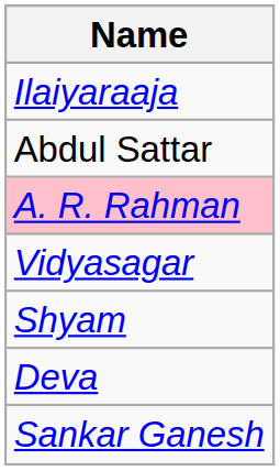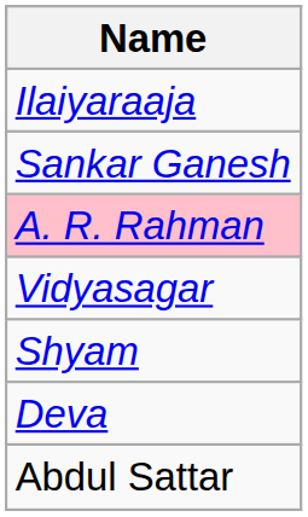 <table class="wikitable" style="font-size: 95%;">
 <tr bgcolor="LightSteelBlue" align="center">
 <th>Name</th>
 </tr>
 <tr>
 <td rowspan="1"><em><a href='#'>Ilaiyaraaja</a></em></td>
 </tr>
 <tr>
-<td>Abdul Sattar</td>
+<td rowspan="1"><em><a href='#'>Sankar Ganesh</a></em></td>
 </tr>
 <tr>
 <td rowspan="1" style="background: pink;"><em><a href='#'>A. R. Rahman</a></em></td>
 </tr>
 <tr>
 <td rowspan="1"><em><a href='#'>Vidyasagar</a></em></td>
 </tr>
 <tr>
 <td rowspan="1"><em><a href='#'>Shyam</a></em></td>
 </tr>
 <tr>
 <td rowspan="1"><em><a href='#'>Deva</a></em></td>
 </tr>
 <tr>
-<td rowspan="1"><em><a href='#'>Sankar Ganesh</a></em></td>
+<td>Abdul Sattar</td>
 </tr>
 </table>
